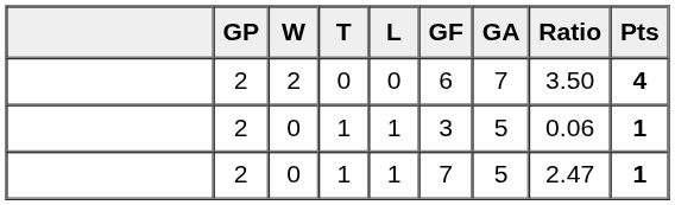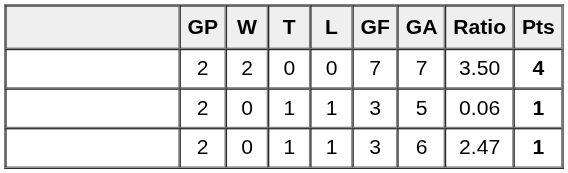 <table border=1 cellpadding=5 cellspacing=0>
 <tr>
 <th bgcolor="#efefef" width="120">　</th>
 <th bgcolor="#efefef" width="20">GP</th>
 <th bgcolor="#efefef" width="20">W</th>
 <th bgcolor="#efefef" width="20">T</th>
 <th bgcolor="#efefef" width="20">L</th>
 <th bgcolor="#efefef" width="20">GF</th>
 <th bgcolor="#efefef" width="20">GA</th>
 <th bgcolor="#efefef" width="20">Ratio</th>
 <th bgcolor="#efefef" width="20">Pts</th>
 </tr>
 <tr align=center>
 <td align=left><strong></strong></td>
 <td>2</td>
 <td>2</td>
 <td>0</td>
 <td>0</td>
-<td>6</td>
+<td>7</td>
 <td>7</td>
 <td>3.50</td>
 <td><strong>4</strong></td>
 </tr>
 <tr align=center>
 <td align=left></td>
 <td>2</td>
 <td>0</td>
 <td>1</td>
 <td>1</td>
 <td>3</td>
 <td>5</td>
 <td>0.06</td>
 <td><strong>1</strong></td>
 </tr>
 <tr align=center>
 <td align=left></td>
 <td>2</td>
 <td>0</td>
 <td>1</td>
 <td>1</td>
-<td>7</td>
-<td>5</td>
+<td>3</td>
+<td>6</td>
 <td>2.47</td>
 <td><strong>1</strong></td>
 </tr>
 </table>
